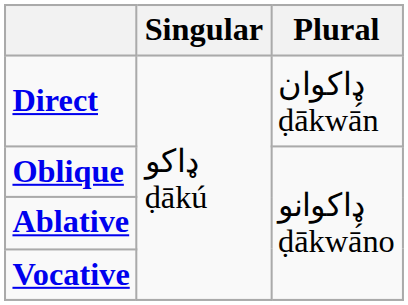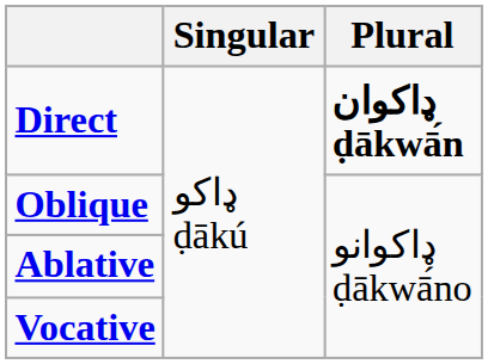 <table class="wikitable">
 <tr>
 <th></th>
 <th>Singular</th>
 <th>Plural</th>
 </tr>
 <tr>
 <td><strong><a href='#'>Direct</a></strong></td>
 <td rowspan="4">ډاکو<br>ḍākú</td>
-<td>ډاکوان<br>ḍākwā́n</td>
+<td><strong>ډاکوان<br>ḍākwā́n</strong></td>
 </tr>
 <tr>
 <td><strong><a href='#'>Oblique</a></strong></td>
 <td rowspan="3">ډاکوانو<br>ḍākwā́no</td>
 </tr>
 <tr>
 <td><strong><a href='#'>Ablative</a></strong></td>
 </tr>
 <tr>
 <td><strong><a href='#'>Vocative</a></strong></td>
 </tr>
 </table>
